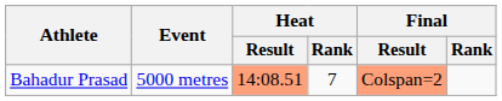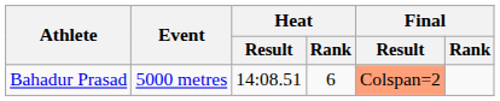 <table class="wikitable" style="font-size:90%">
 <tr>
 <th rowspan="2">Athlete</th>
 <th rowspan="2">Event</th>
 <th colspan="2">Heat</th>
 <th colspan="2">Final</th>
 </tr>
 <tr style="font-size:95%">
 <th>Result</th>
 <th>Rank</th>
 <th>Result</th>
 <th>Rank</th>
 </tr>
 <tr style="text-align:center">
 <td style="text-align:left"><a href='#'>Bahadur Prasad</a></td>
 <td style="text-align:left"><a href='#'>5000 metres</a></td>
-<td style="background: lightsalmon;">14:08.51</td>
-<td>7</td>
+<td>14:08.51</td>
+<td>6</td>
 <td style="background: lightsalmon;">Colspan=2 </td>
 </tr>
 </table>
